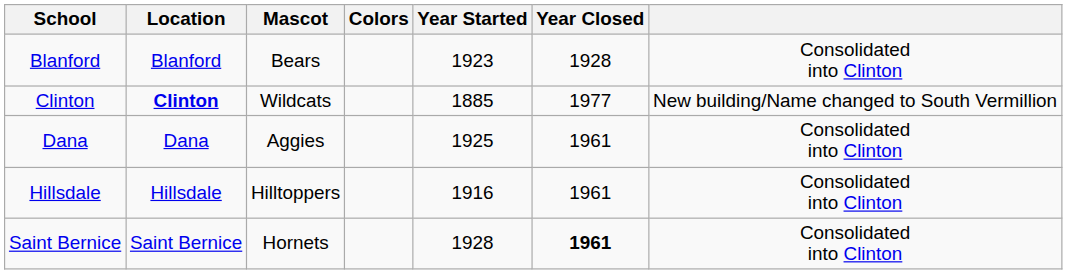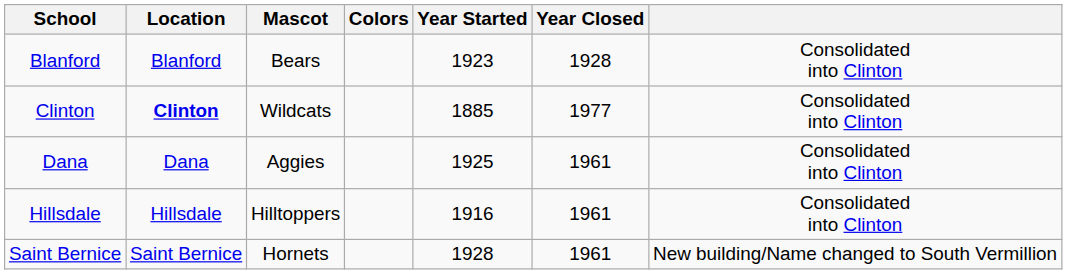 <table class="wikitable" style="text-align:center;">
 <tr>
 <th>School</th>
 <th>Location</th>
 <th>Mascot</th>
 <th>Colors</th>
 <th>Year Started</th>
 <th>Year Closed</th>
 <th></th>
 </tr>
 <tr>
 <td><a href='#'>Blanford</a></td>
 <td><a href='#'>Blanford</a></td>
 <td>Bears</td>
 <td> </td>
 <td>1923</td>
 <td>1928</td>
 <td>Consolidated<br>into <a href='#'>Clinton</a></td>
 </tr>
 <tr>
 <td><a href='#'>Clinton</a></td>
 <td><strong><a href='#'>Clinton</a></strong></td>
 <td>Wildcats</td>
 <td> </td>
 <td>1885</td>
 <td>1977</td>
-<td>New building/Name changed to South Vermillion</td>
+<td>Consolidated<br>into <a href='#'>Clinton</a></td>
 </tr>
 <tr>
 <td><a href='#'>Dana</a></td>
 <td><a href='#'>Dana</a></td>
 <td>Aggies</td>
 <td> </td>
 <td>1925</td>
 <td>1961</td>
 <td>Consolidated<br>into <a href='#'>Clinton</a></td>
 </tr>
 <tr>
 <td><a href='#'>Hillsdale</a></td>
 <td><a href='#'>Hillsdale</a></td>
 <td>Hilltoppers</td>
 <td> </td>
 <td>1916</td>
 <td>1961</td>
 <td>Consolidated<br>into <a href='#'>Clinton</a></td>
 </tr>
 <tr>
 <td><a href='#'>Saint Bernice</a></td>
 <td><a href='#'>Saint Bernice</a></td>
 <td>Hornets</td>
 <td> </td>
 <td>1928</td>
-<td><strong>1961</strong></td>
-<td>Consolidated<br>into <a href='#'>Clinton</a></td>
+<td>1961</td>
+<td>New building/Name changed to South Vermillion</td>
 </tr>
 </table>
